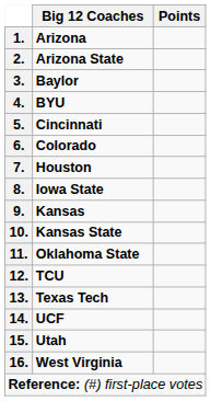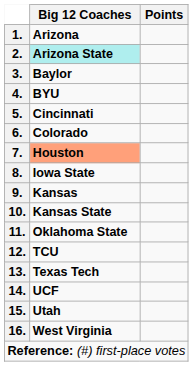 <table class="wikitable" style="white-space:nowrap; font-size:90%;">
 <tr>
 <td ! colspan=1 style="background:white; border-top-style:hidden; border-left-style:hidden;"></td>
 <th>Big 12 Coaches</th>
 <th>Points</th>
 </tr>
 <tr>
 <th>1.</th>
 <td><strong>Arizona</strong></td>
 <td align="center"></td>
 </tr>
 <tr>
 <th>2.</th>
-<td><strong>Arizona State</strong></td>
+<td style="background: paleturquoise;"><strong>Arizona State</strong></td>
 <td align="center"></td>
 </tr>
 <tr>
 <th>3.</th>
 <td><strong>Baylor</strong></td>
 <td align="center"></td>
 </tr>
 <tr>
 <th>4.</th>
 <td><strong>BYU</strong></td>
 <td align="center"></td>
 </tr>
 <tr>
 <th>5.</th>
 <td><strong>Cincinnati</strong></td>
 <td align="center"></td>
 </tr>
 <tr>
 <th>6.</th>
 <td><strong>Colorado</strong></td>
 <td align="center"></td>
 </tr>
 <tr>
 <th>7.</th>
-<td><strong>Houston</strong></td>
+<td style="background: lightsalmon;"><strong>Houston</strong></td>
 <td align="center"></td>
 </tr>
 <tr>
 <th>8.</th>
 <td><strong>Iowa State</strong></td>
 <td align="center"></td>
 </tr>
 <tr>
 <th>9.</th>
 <td><strong>Kansas</strong></td>
 <td align="center"></td>
 </tr>
 <tr>
 <th>10.</th>
 <td><strong>Kansas State</strong></td>
 <td align="center"></td>
 </tr>
 <tr>
 <th>11.</th>
 <td><strong>Oklahoma State</strong></td>
 <td align="center"></td>
 </tr>
 <tr>
 <th>12.</th>
 <td><strong>TCU</strong></td>
 <td align="center"></td>
 </tr>
 <tr>
 <th>13.</th>
 <td><strong>Texas Tech</strong></td>
 <td align="center"></td>
 </tr>
 <tr>
 <th>14.</th>
 <td><strong>UCF</strong></td>
 <td align="center"></td>
 </tr>
 <tr>
 <th>15.</th>
 <td><strong>Utah</strong></td>
 <td align="center"></td>
 </tr>
 <tr>
 <th>16.</th>
 <td><strong>West Virginia</strong></td>
 <td align="center"></td>
 </tr>
 <tr>
 <td colspan="4"  style="font-size:11pt; text-align:center;"><strong>Reference:</strong> <em>(#) first-place votes</em></td>
 </tr>
 </table>
